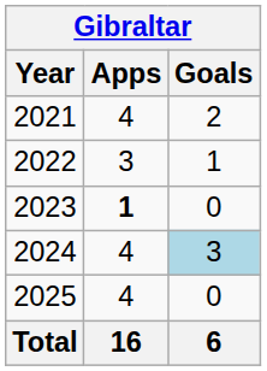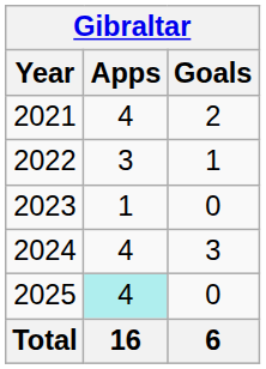 <table class="wikitable" style="text-align:center">
 <tr>
 <th colspan=3><a href='#'>Gibraltar</a></th>
 </tr>
 <tr>
 <th>Year</th>
 <th>Apps</th>
 <th>Goals</th>
 </tr>
 <tr>
 <td>2021</td>
 <td>4</td>
 <td>2</td>
 </tr>
 <tr>
 <td>2022</td>
 <td>3</td>
 <td>1</td>
 </tr>
 <tr>
 <td>2023</td>
-<td><strong>1</strong></td>
+<td>1</td>
 <td>0</td>
 </tr>
 <tr>
 <td>2024</td>
 <td>4</td>
-<td style="background: lightblue;">3</td>
+<td>3</td>
 </tr>
 <tr>
 <td>2025</td>
-<td>4</td>
+<td style="background: paleturquoise;">4</td>
 <td>0</td>
 </tr>
 <tr>
 <th>Total</th>
 <th>16</th>
 <th>6</th>
 </tr>
 </table>
